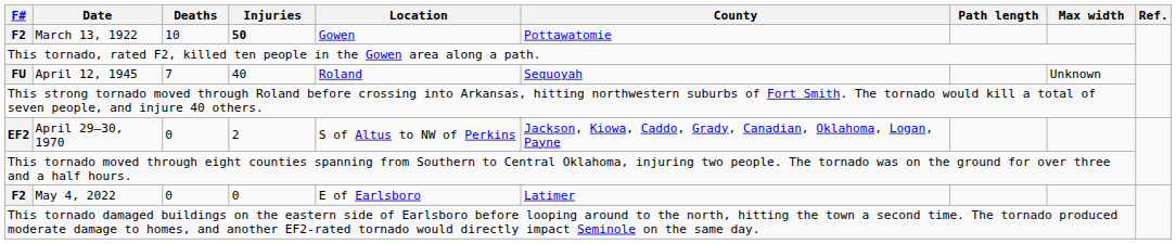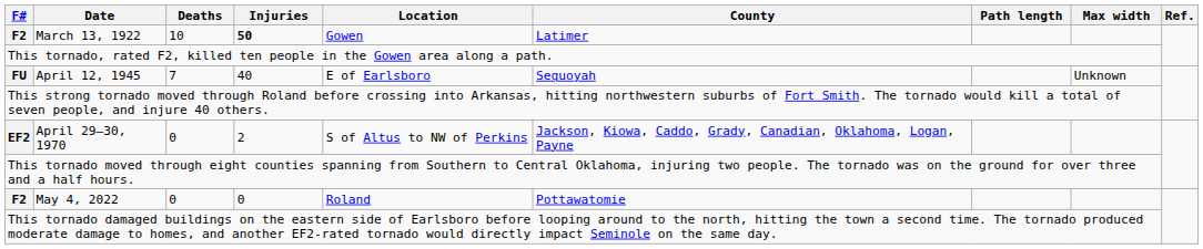 <table class="wikitable sortable">
 <tr>
 <th align="center" width="2%" scope="col"><a href='#'>F#</a></th>
 <th>Date</th>
 <th>Deaths</th>
 <th>Injuries</th>
 <th class="unsortable" align="center" scope="col">Location</th>
 <th class="unsortable" align="center" scope="col">County</th>
 <th align="center" scope="col">Path length</th>
 <th align="center" scope="col">Max width</th>
 <th>Ref.</th>
 </tr>
 <tr>
 <th scope="row" rowspan="1" style="background-color:#">F2</th>
 <td>March 13, 1922</td>
 <td>10</td>
 <td><strong>50</strong></td>
 <td><a href='#'>Gowen</a></td>
-<td><a href='#'>Pottawatomie</a></td>
+<td><a href='#'>Latimer</a></td>
 <td></td>
 <td></td>
 <td rowspan="2"></td>
 </tr>
 <tr>
 <td colspan="8">This tornado, rated F2, killed ten people in the <a href='#'>Gowen</a> area along a  path.</td>
 </tr>
 <tr>
 <th scope="row" rowspan="1" style="background-color:#">FU</th>
 <td>April 12, 1945</td>
 <td>7</td>
 <td>40</td>
-<td><a href='#'>Roland</a></td>
+<td>E of <a href='#'>Earlsboro</a></td>
 <td><a href='#'>Sequoyah</a></td>
 <td></td>
 <td>Unknown</td>
 <td rowspan="2"></td>
 </tr>
 <tr>
 <td colspan="8">This strong tornado moved through Roland before crossing into Arkansas, hitting northwestern suburbs of <a href='#'>Fort Smith</a>. The tornado would kill a total of seven people, and injure 40 others.</td>
 </tr>
 <tr>
 <th scope="row" rowspan="1" style="background-color:#">EF2</th>
 <td>April 29–30, 1970</td>
 <td>0</td>
 <td>2</td>
 <td>S of <a href='#'>Altus</a> to NW of <a href='#'>Perkins</a></td>
 <td><a href='#'>Jackson</a>, <a href='#'>Kiowa</a>, <a href='#'>Caddo</a>, <a href='#'>Grady</a>, <a href='#'>Canadian</a>, <a href='#'>Oklahoma</a>, <a href='#'>Logan</a>, <a href='#'>Payne</a></td>
 <td></td>
 <td></td>
 <td rowspan="2"></td>
 </tr>
 <tr>
 <td colspan="8">This tornado moved through eight counties spanning  from Southern to Central Oklahoma, injuring two people. The tornado was on the ground for over three and a half hours.</td>
 </tr>
 <tr>
 <th scope="row" rowspan="1" style="background-color:#">F2</th>
 <td>May 4, 2022</td>
 <td>0</td>
 <td>0</td>
-<td>E of <a href='#'>Earlsboro</a></td>
-<td><a href='#'>Latimer</a></td>
+<td><a href='#'>Roland</a></td>
+<td><a href='#'>Pottawatomie</a></td>
 <td></td>
 <td></td>
 <td rowspan="2"></td>
 </tr>
 <tr>
 <td colspan="8">This tornado damaged buildings on the eastern side of Earlsboro before looping around to the north, hitting the town a second time. The tornado produced moderate damage to homes, and another EF2-rated tornado would directly impact <a href='#'>Seminole</a> on the same day.</td>
 </tr>
 </table>
